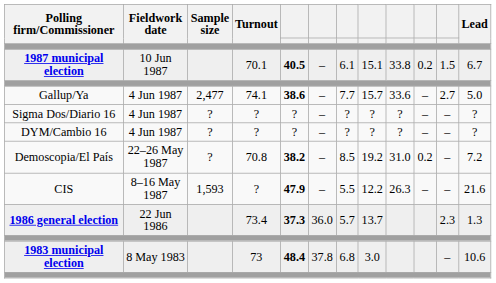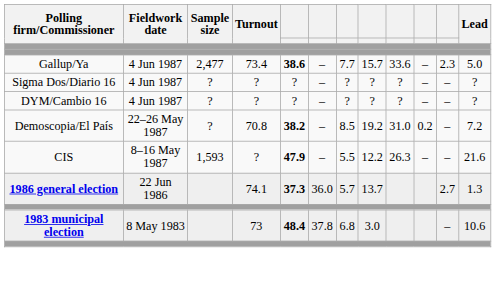 <table class="wikitable collapsible collapsed" style="text-align:center; font-size:95%; line-height:16px;">
 <tr style="height:42px;">
 <th style="width:250px;" rowspan="2">Polling firm/Commissioner</th>
 <th style="width:125px;" rowspan="2">Fieldwork date</th>
 <th style="width:50px;" rowspan="2">Sample size</th>
 <th style="width:45px;" rowspan="2">Turnout</th>
 <th style="width:35px;"></th>
 <th style="width:35px;"></th>
 <th style="width:35px;"></th>
 <th style="width:35px;"></th>
 <th style="width:35px;"></th>
 <th style="width:35px;"></th>
 <th style="width:35px;"></th>
 <th style="width:30px;" rowspan="2">Lead</th>
 </tr>
 <tr>
 <th style="color:inherit;background:"></th>
 <th style="color:inherit;background:"></th>
 <th style="color:inherit;background:"></th>
 <th style="color:inherit;background:"></th>
 <th style="color:inherit;background:"></th>
 <th style="color:inherit;background:"></th>
 <th style="color:inherit;background:"></th>
 </tr>
 <tr>
 <td colspan="12" style="background:#A0A0A0"></td>
 </tr>
-<tr style="background:#EFEFEF;">
-<td><strong><a href='#'>1987 municipal election</a></strong></td>
-<td>10 Jun 1987</td>
-<td></td>
-<td>70.1</td>
-<td><strong>40.5</strong><br></td>
-<td>–</td>
-<td>6.1<br></td>
-<td>15.1<br></td>
-<td>33.8<br></td>
-<td>0.2<br></td>
-<td>1.5<br></td>
-<td style="background:">6.7</td>
-</tr>
 <tr>
 <td colspan="12" style="background:#A0A0A0"></td>
 </tr>
 <tr>
 <td>Gallup/Ya</td>
 <td>4 Jun 1987</td>
 <td>2,477</td>
-<td>74.1</td>
+<td>73.4</td>
 <td><strong>38.6</strong><br></td>
 <td>–</td>
 <td>7.7<br></td>
 <td>15.7<br></td>
 <td>33.6<br></td>
 <td>–</td>
-<td>2.7<br></td>
+<td>2.3<br></td>
 <td style="background:">5.0</td>
 </tr>
 <tr>
 <td>Sigma Dos/Diario 16</td>
 <td>4 Jun 1987</td>
 <td>?</td>
 <td>?</td>
 <td>?<br></td>
 <td>–</td>
 <td>?<br></td>
 <td>?<br></td>
 <td>?<br></td>
 <td>–</td>
 <td>–</td>
 <td style="background:">?</td>
 </tr>
 <tr>
 <td>DYM/Cambio 16</td>
 <td>4 Jun 1987</td>
 <td>?</td>
 <td>?</td>
 <td>?<br></td>
 <td>–</td>
 <td>?<br></td>
 <td>?<br></td>
 <td>?<br></td>
 <td>–</td>
 <td>–</td>
 <td style="background:">?</td>
 </tr>
 <tr>
 <td>Demoscopia/El País</td>
 <td>22–26 May 1987</td>
 <td>?</td>
 <td>70.8</td>
 <td><strong>38.2</strong><br></td>
 <td>–</td>
 <td>8.5<br></td>
 <td>19.2<br></td>
 <td>31.0<br></td>
 <td>0.2<br></td>
 <td>–</td>
 <td style="background:">7.2</td>
 </tr>
 <tr>
 <td>CIS</td>
 <td>8–16 May 1987</td>
 <td>1,593</td>
 <td>?</td>
 <td><strong>47.9</strong><br></td>
 <td>–</td>
 <td>5.5<br></td>
 <td>12.2<br></td>
 <td>26.3<br></td>
 <td>–</td>
 <td>–</td>
 <td style="background:">21.6</td>
 </tr>
 <tr style="background:#EFEFEF;">
 <td><strong><a href='#'>1986 general election</a></strong></td>
 <td>22 Jun 1986</td>
 <td></td>
-<td>73.4</td>
+<td>74.1</td>
 <td><strong>37.3</strong><br></td>
 <td>36.0<br></td>
 <td>5.7<br></td>
 <td>13.7<br></td>
 <td></td>
 <td></td>
-<td>2.3<br></td>
+<td>2.7<br></td>
 <td style="background:">1.3</td>
 </tr>
 <tr>
 <td colspan="12" style="background:#A0A0A0"></td>
 </tr>
 <tr style="background:#EFEFEF;">
 <td><strong><a href='#'>1983 municipal election</a></strong></td>
 <td>8 May 1983</td>
 <td></td>
 <td>73</td>
 <td><strong>48.4</strong><br></td>
 <td>37.8<br></td>
 <td>6.8<br></td>
 <td>3.0<br></td>
 <td></td>
 <td></td>
 <td>–</td>
 <td style="background:">10.6</td>
 </tr>
 <tr>
 <td colspan="12" style="background:#A0A0A0"></td>
 </tr>
 </table>
